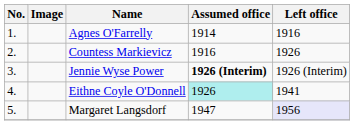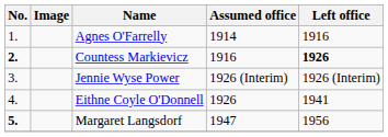 <table class="wikitable">
 <tr>
 <th>No.</th>
 <th>Image</th>
 <th>Name</th>
 <th>Assumed office</th>
 <th>Left office</th>
 </tr>
 <tr>
 <td>1.</td>
 <td></td>
 <td><a href='#'>Agnes O'Farrelly</a></td>
 <td>1914</td>
 <td>1916</td>
 </tr>
 <tr>
-<td>2.</td>
+<td><strong>2.</strong></td>
 <td></td>
 <td><a href='#'>Countess Markievicz</a></td>
 <td>1916</td>
-<td>1926</td>
+<td><strong>1926</strong></td>
 </tr>
 <tr>
 <td>3.</td>
 <td></td>
 <td><a href='#'>Jennie Wyse Power</a></td>
-<td><strong>1926 (Interim)</strong></td>
+<td>1926 (Interim)</td>
 <td>1926 (Interim)</td>
 </tr>
 <tr>
 <td>4.</td>
 <td></td>
 <td><a href='#'>Eithne Coyle O'Donnell</a></td>
-<td style="background: paleturquoise;">1926</td>
+<td>1926</td>
 <td>1941</td>
 </tr>
 <tr>
-<td>5.</td>
+<td><strong>5.</strong></td>
 <td></td>
 <td>Margaret Langsdorf</td>
 <td>1947</td>
-<td style="background: lavender;">1956</td>
+<td>1956</td>
 </tr>
 <tr>
 </tr>
 </table>
